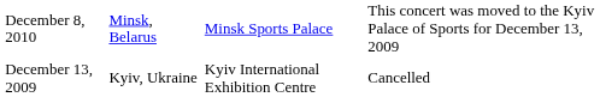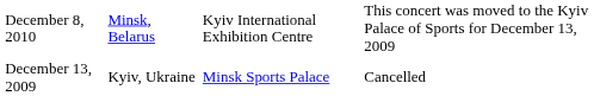 <table cellpadding="2" style="border: 0px solid darkgray;">
 <tr>
 <th width="150"></th>
 <th width="150"></th>
 <th width="275"></th>
 <th width="500"></th>
 </tr>
 <tr border="0">
 <td>December 8, 2010</td>
 <td><a href='#'>Minsk</a>, <a href='#'>Belarus</a></td>
-<td><a href='#'>Minsk Sports Palace</a></td>
+<td>Kyiv International Exhibition Centre</td>
 <td>This concert was moved to the Kyiv Palace of Sports for December 13, 2009</td>
 </tr>
 <tr>
 <td>December 13, 2009</td>
 <td>Kyiv, Ukraine</td>
-<td>Kyiv International Exhibition Centre</td>
+<td><a href='#'>Minsk Sports Palace</a></td>
 <td>Cancelled</td>
 </tr>
 <tr>
 </tr>
 </table>
